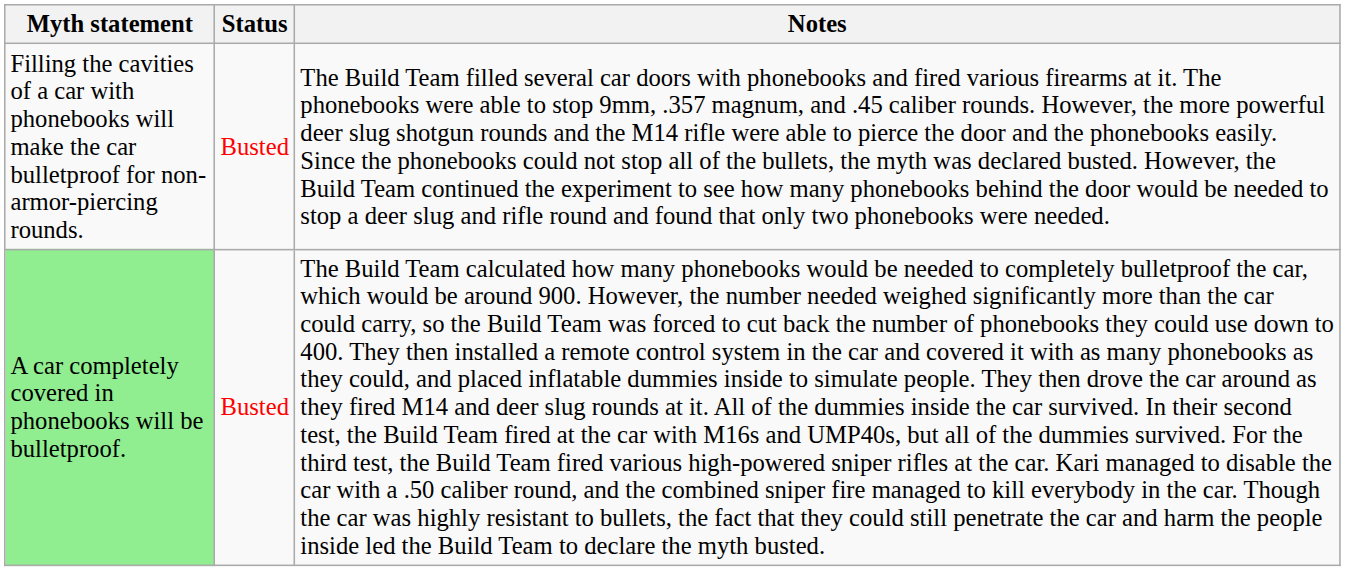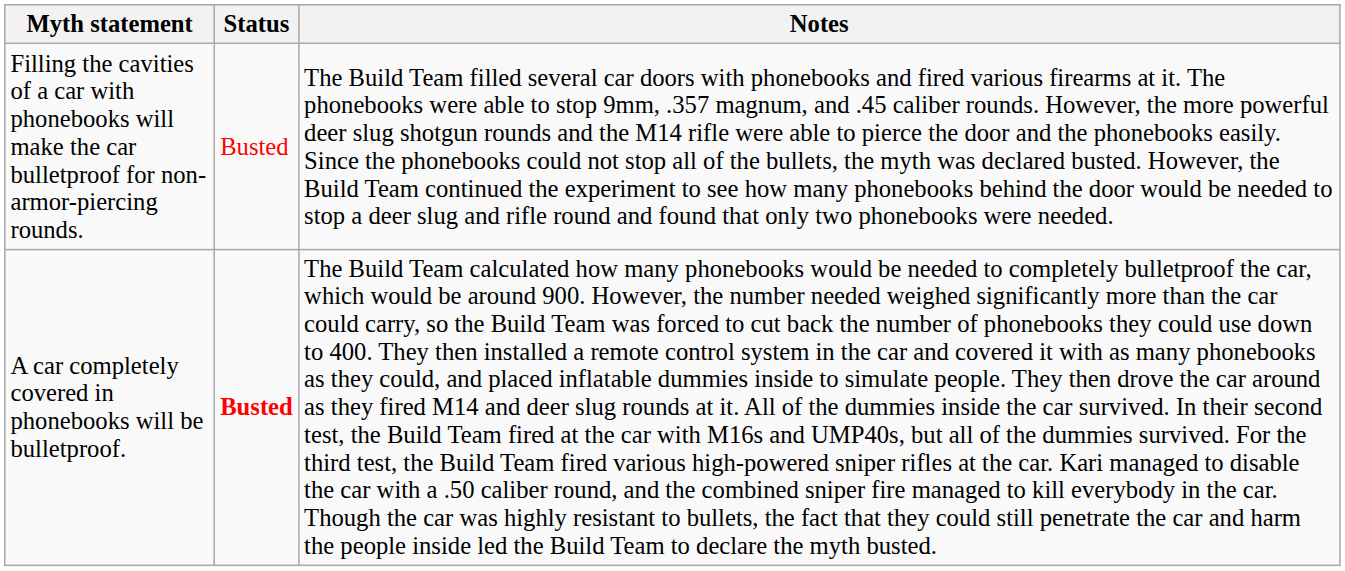 <table class="wikitable plainrowheaders">
 <tr>
 <th>Myth statement</th>
 <th>Status</th>
 <th>Notes</th>
 </tr>
 <tr>
 <td>Filling the cavities of a car with phonebooks will make the car bulletproof for non-armor-piercing rounds.</td>
 <td style="color:red">Busted</td>
 <td>The Build Team filled several car doors with phonebooks and fired various firearms at it. The phonebooks were able to stop 9mm, .357 magnum, and .45 caliber rounds. However, the more powerful deer slug shotgun rounds and the M14 rifle were able to pierce the door and the phonebooks easily. Since the phonebooks could not stop all of the bullets, the myth was declared busted. However, the Build Team continued the experiment to see how many phonebooks behind the door would be needed to stop a deer slug and rifle round and found that only two phonebooks were needed.</td>
 </tr>
 <tr>
-<td style="background: lightgreen;">A car completely covered in phonebooks will be bulletproof.</td>
-<td style="color:red">Busted</td>
+<td>A car completely covered in phonebooks will be bulletproof.</td>
+<td style="color:red"><strong>Busted</strong></td>
 <td>The Build Team calculated how many phonebooks would be needed to completely bulletproof the car, which would be around 900. However, the number needed weighed significantly more than the car could carry, so the Build Team was forced to cut back the number of phonebooks they could use down to 400. They then installed a remote control system in the car and covered it with as many phonebooks as they could, and placed inflatable dummies inside to simulate people. They then drove the car around as they fired M14 and deer slug rounds at it. All of the dummies inside the car survived. In their second test, the Build Team fired at the car with M16s and UMP40s, but all of the dummies survived. For the third test, the Build Team fired various high-powered sniper rifles at the car. Kari managed to disable the car with a .50 caliber round, and the combined sniper fire managed to kill everybody in the car. Though the car was highly resistant to bullets, the fact that they could still penetrate the car and harm the people inside led the Build Team to declare the myth busted.</td>
 </tr>
 </table>
